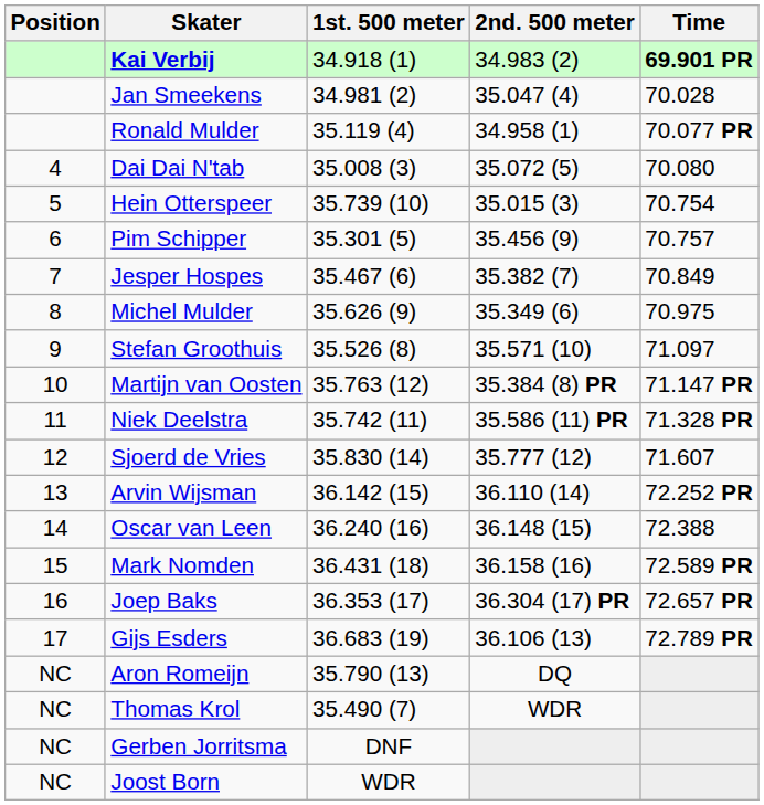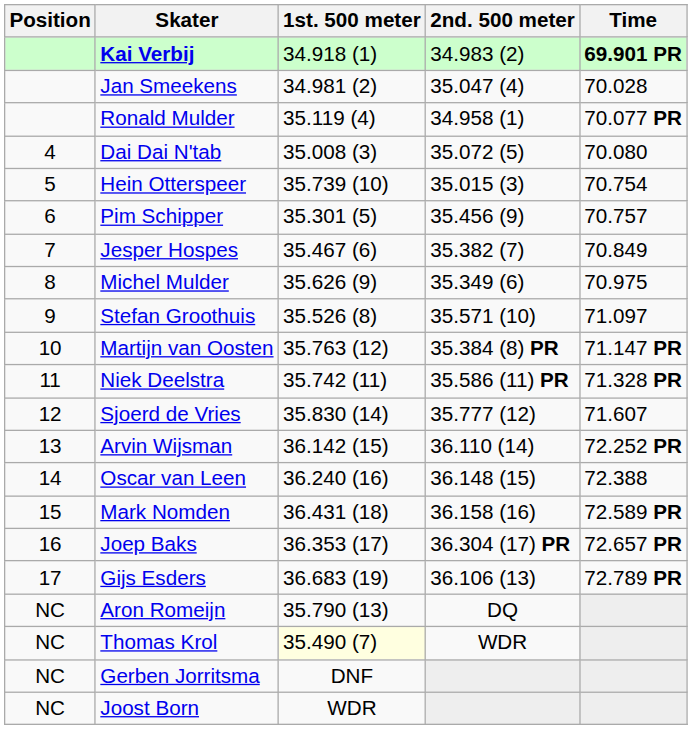 <table class="wikitable">
 <tr>
 <th>Position</th>
 <th>Skater</th>
 <th>1st. 500 meter</th>
 <th>2nd. 500 meter</th>
 <th>Time</th>
 </tr>
 <tr bgcolor=ccffcc>
 <td align="center"></td>
 <td><strong><a href='#'>Kai Verbij</a></strong></td>
 <td>34.918 (1)</td>
 <td>34.983 (2)</td>
 <td><strong>69.901</strong> <strong>PR</strong></td>
 </tr>
 <tr>
 <td align="center"></td>
 <td><a href='#'>Jan Smeekens</a></td>
 <td>34.981 (2)</td>
 <td>35.047 (4)</td>
 <td>70.028</td>
 </tr>
 <tr>
 <td align="center"></td>
 <td><a href='#'>Ronald Mulder</a></td>
 <td>35.119 (4)</td>
 <td>34.958 (1)</td>
 <td>70.077 <strong>PR</strong></td>
 </tr>
 <tr>
 <td align="center">4</td>
 <td><a href='#'>Dai Dai N'tab</a></td>
 <td>35.008 (3)</td>
 <td>35.072 (5)</td>
 <td>70.080</td>
 </tr>
 <tr>
 <td align="center">5</td>
 <td><a href='#'>Hein Otterspeer</a></td>
 <td>35.739 (10)</td>
 <td>35.015 (3)</td>
 <td>70.754</td>
 </tr>
 <tr>
 <td align="center">6</td>
 <td><a href='#'>Pim Schipper</a></td>
 <td>35.301 (5)</td>
 <td>35.456 (9)</td>
 <td>70.757</td>
 </tr>
 <tr>
 <td align="center">7</td>
 <td><a href='#'>Jesper Hospes</a></td>
 <td>35.467 (6)</td>
 <td>35.382 (7)</td>
 <td>70.849</td>
 </tr>
 <tr>
 <td align="center">8</td>
 <td><a href='#'>Michel Mulder</a></td>
 <td>35.626 (9)</td>
 <td>35.349 (6)</td>
 <td>70.975</td>
 </tr>
 <tr>
 <td align="center">9</td>
 <td><a href='#'>Stefan Groothuis</a></td>
 <td>35.526 (8)</td>
 <td>35.571 (10)</td>
 <td>71.097</td>
 </tr>
 <tr>
 <td align="center">10</td>
 <td><a href='#'>Martijn van Oosten</a></td>
 <td>35.763 (12)</td>
 <td>35.384 (8) <strong>PR</strong></td>
 <td>71.147 <strong>PR</strong></td>
 </tr>
 <tr>
 <td align="center">11</td>
 <td><a href='#'>Niek Deelstra</a></td>
 <td>35.742 (11)</td>
 <td>35.586 (11) <strong>PR</strong></td>
 <td>71.328 <strong>PR</strong></td>
 </tr>
 <tr>
 <td align="center">12</td>
 <td><a href='#'>Sjoerd de Vries</a></td>
 <td>35.830 (14)</td>
 <td>35.777 (12)</td>
 <td>71.607</td>
 </tr>
 <tr>
 <td align="center">13</td>
 <td><a href='#'>Arvin Wijsman</a></td>
 <td>36.142 (15)</td>
 <td>36.110 (14)</td>
 <td>72.252 <strong>PR</strong></td>
 </tr>
 <tr>
 <td align="center">14</td>
 <td><a href='#'>Oscar van Leen</a></td>
 <td>36.240 (16)</td>
 <td>36.148 (15)</td>
 <td>72.388</td>
 </tr>
 <tr>
 <td align="center">15</td>
 <td><a href='#'>Mark Nomden</a></td>
 <td>36.431 (18)</td>
 <td>36.158 (16)</td>
 <td>72.589 <strong>PR</strong></td>
 </tr>
 <tr>
 <td align="center">16</td>
 <td><a href='#'>Joep Baks</a></td>
 <td>36.353 (17)</td>
 <td>36.304 (17) <strong>PR</strong></td>
 <td>72.657 <strong>PR</strong></td>
 </tr>
 <tr>
 <td align="center">17</td>
 <td><a href='#'>Gijs Esders</a></td>
 <td>36.683 (19)</td>
 <td>36.106 (13)</td>
 <td>72.789 <strong>PR</strong></td>
 </tr>
 <tr>
 <td align="center">NC</td>
 <td><a href='#'>Aron Romeijn</a></td>
 <td>35.790 (13)</td>
 <td align="center">DQ</td>
 <td bgcolor=#EEEEEE></td>
 </tr>
 <tr>
 <td align="center">NC</td>
 <td><a href='#'>Thomas Krol</a></td>
-<td>35.490 (7)</td>
+<td style="background: lightyellow;">35.490 (7)</td>
 <td align="center">WDR</td>
 <td bgcolor=#EEEEEE></td>
 </tr>
 <tr>
 <td align="center">NC</td>
 <td><a href='#'>Gerben Jorritsma</a></td>
 <td align="center">DNF</td>
 <td bgcolor=#EEEEEE></td>
 <td bgcolor=#EEEEEE></td>
 </tr>
 <tr>
 <td align="center">NC</td>
 <td><a href='#'>Joost Born</a></td>
 <td align="center">WDR</td>
 <td bgcolor=#EEEEEE></td>
 <td bgcolor=#EEEEEE></td>
 </tr>
 <tr>
 </tr>
 </table>
